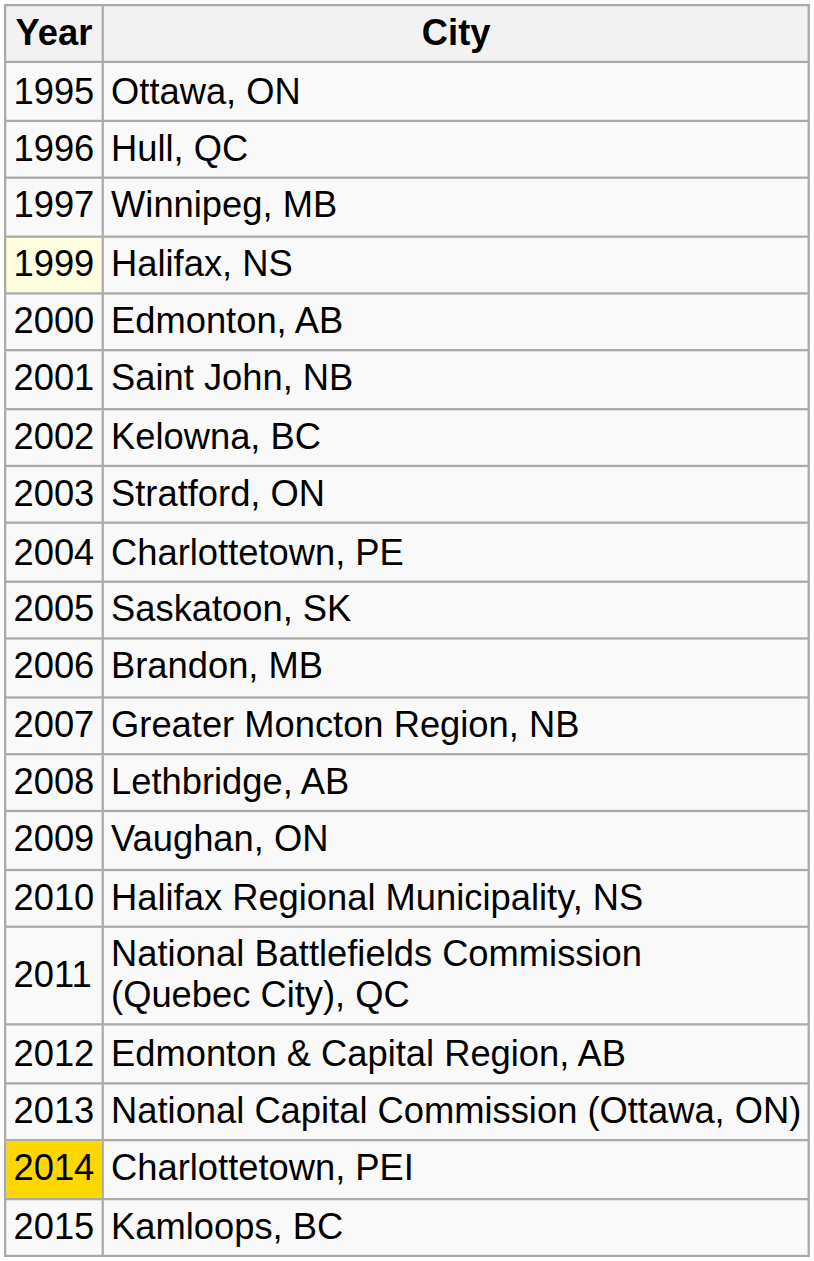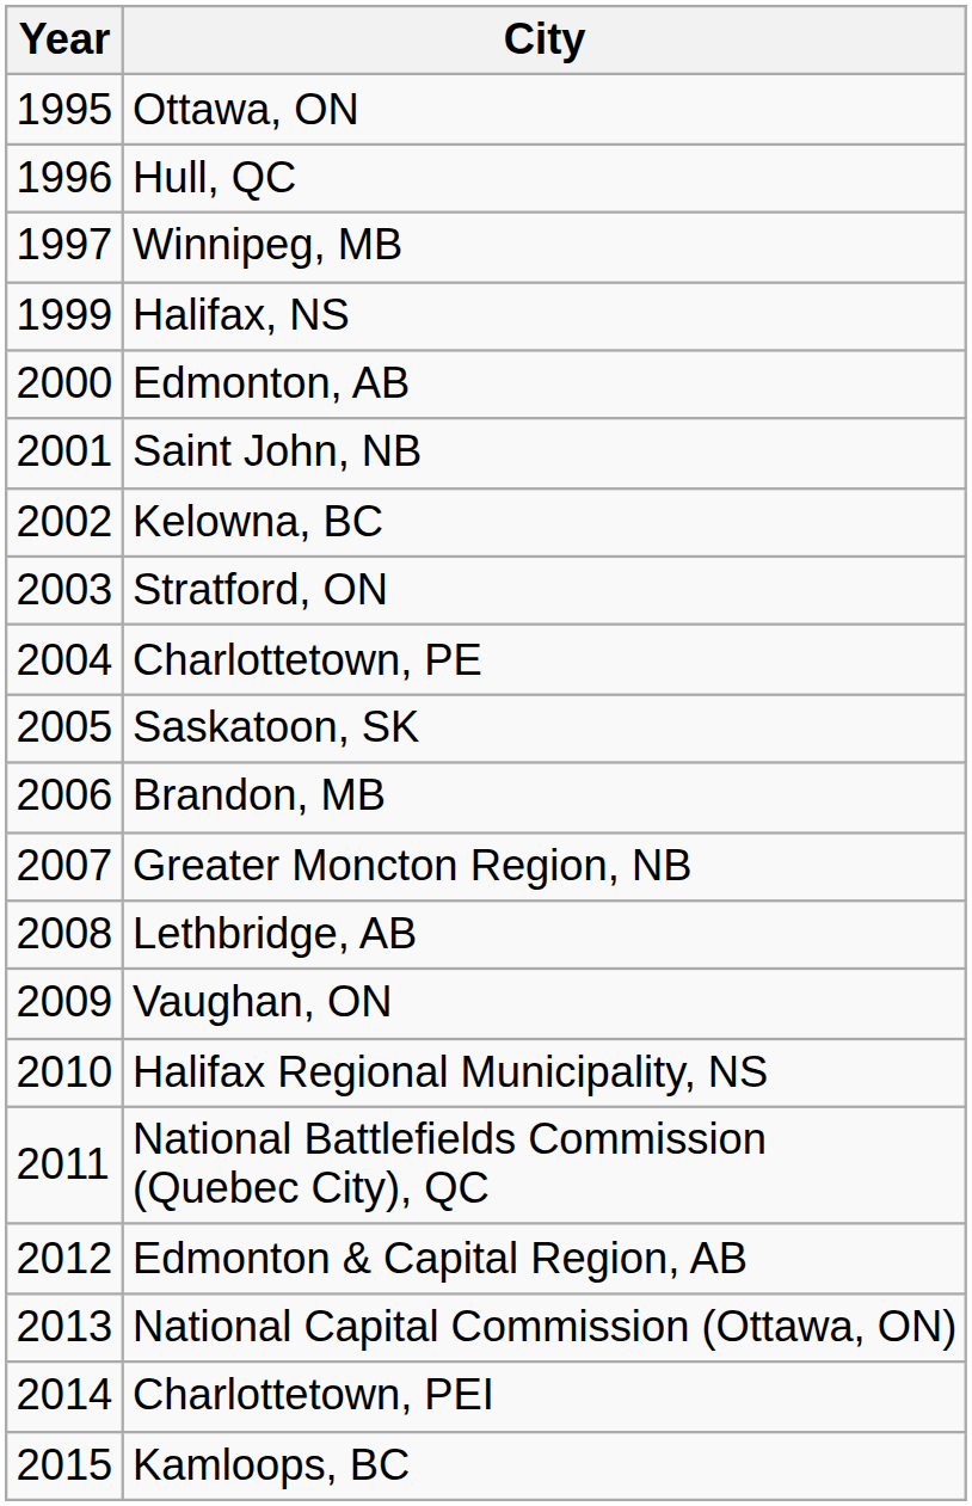 <table class="wikitable" border="1">
 <tr>
 <th>Year</th>
 <th>City</th>
 </tr>
 <tr>
 <td>1995</td>
 <td>Ottawa, ON</td>
 </tr>
 <tr>
 <td>1996</td>
 <td>Hull, QC</td>
 </tr>
 <tr>
 <td>1997</td>
 <td>Winnipeg, MB</td>
 </tr>
 <tr>
-<td style="background: lightyellow;">1999</td>
+<td>1999</td>
 <td>Halifax, NS</td>
 </tr>
 <tr>
 <td>2000</td>
 <td>Edmonton, AB</td>
 </tr>
 <tr>
 <td>2001</td>
 <td>Saint John, NB</td>
 </tr>
 <tr>
 <td>2002</td>
 <td>Kelowna, BC</td>
 </tr>
 <tr>
 <td>2003</td>
 <td>Stratford, ON</td>
 </tr>
 <tr>
 <td>2004</td>
 <td>Charlottetown, PE</td>
 </tr>
 <tr>
 <td>2005</td>
 <td>Saskatoon, SK</td>
 </tr>
 <tr>
 <td>2006</td>
 <td>Brandon, MB</td>
 </tr>
 <tr>
 <td>2007</td>
 <td>Greater Moncton Region, NB</td>
 </tr>
 <tr>
 <td>2008</td>
 <td>Lethbridge, AB</td>
 </tr>
 <tr>
 <td>2009</td>
 <td>Vaughan, ON</td>
 </tr>
 <tr>
 <td>2010</td>
 <td>Halifax Regional Municipality, NS</td>
 </tr>
 <tr>
 <td>2011</td>
 <td>National Battlefields Commission<br>(Quebec City), QC</td>
 </tr>
 <tr>
 <td>2012</td>
 <td>Edmonton & Capital Region, AB</td>
 </tr>
 <tr>
 <td>2013</td>
 <td>National Capital Commission (Ottawa, ON)</td>
 </tr>
 <tr>
-<td style="background: gold;">2014</td>
+<td>2014</td>
 <td>Charlottetown, PEI</td>
 </tr>
 <tr>
 <td>2015</td>
 <td>Kamloops, BC</td>
 </tr>
 </table>
